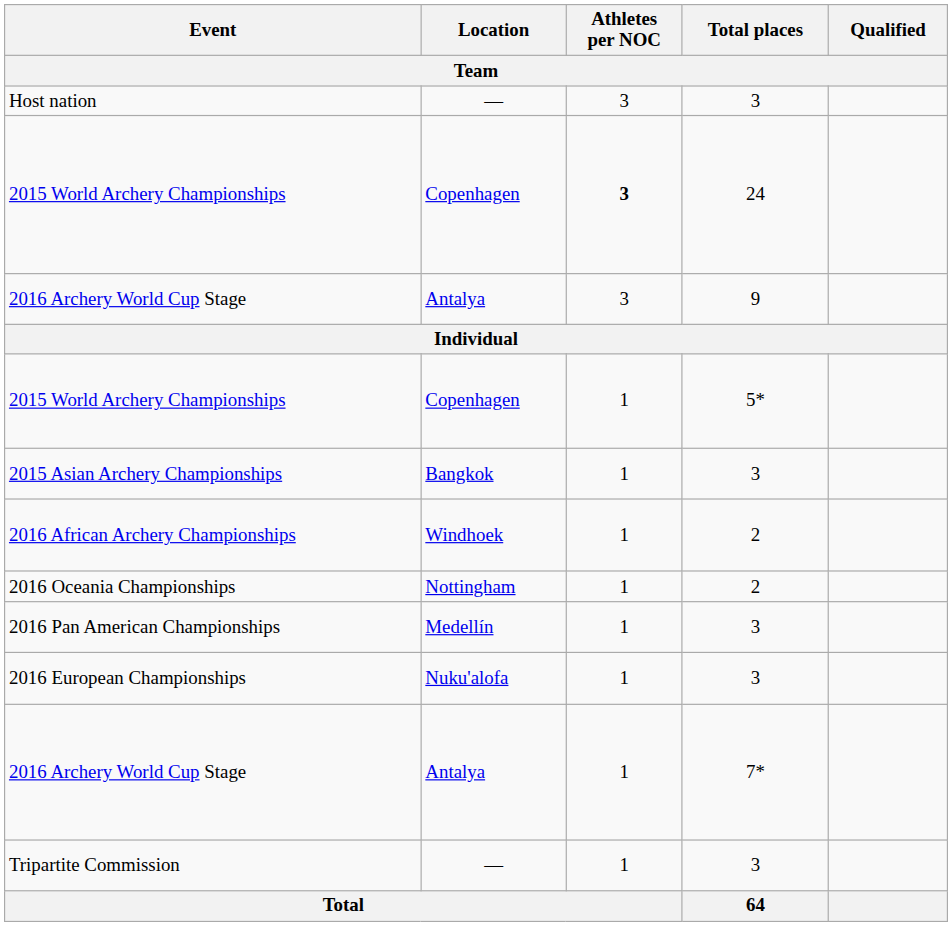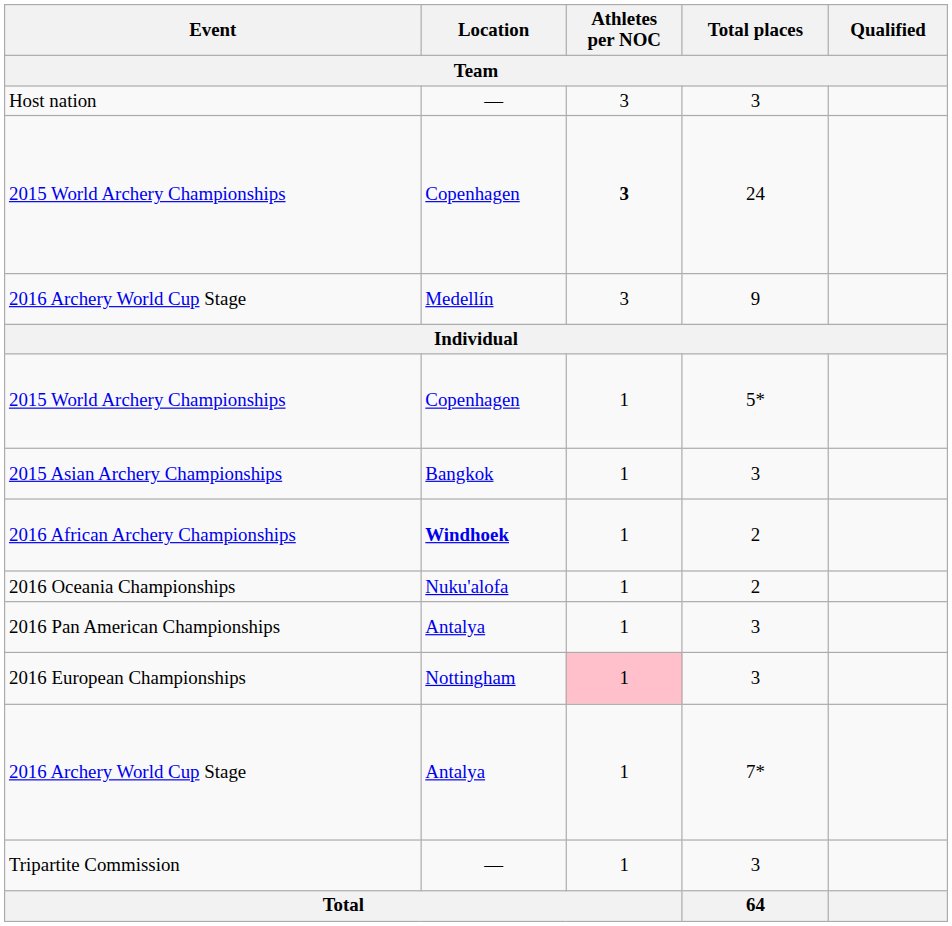 <table class="wikitable" width=800>
 <tr>
 <th>Event</th>
 <th>Location</th>
 <th>Athletes<br> per NOC</th>
 <th>Total places</th>
 <th>Qualified</th>
 </tr>
 <tr>
 <th colspan=5>Team</th>
 </tr>
 <tr>
 <td>Host nation</td>
 <td align=center>—</td>
 <td align="center">3</td>
 <td align="center">3</td>
 <td></td>
 </tr>
 <tr>
 <td><a href='#'>2015 World Archery Championships</a></td>
 <td> <a href='#'>Copenhagen</a></td>
 <td align="center"><strong>3</strong></td>
 <td align="center">24</td>
 <td><br><br><br><br><br><br><br></td>
 </tr>
 <tr>
 <td><a href='#'>2016 Archery World Cup</a> Stage</td>
-<td> <a href='#'>Antalya</a></td>
+<td> <a href='#'>Medellín</a></td>
 <td align="center">3</td>
 <td align="center">9</td>
 <td><br><br></td>
 </tr>
 <tr>
 <th colspan=5>Individual</th>
 </tr>
 <tr>
 <td><a href='#'>2015 World Archery Championships</a></td>
 <td> <a href='#'>Copenhagen</a></td>
 <td align="center">1</td>
 <td align="center">5*</td>
 <td><br><br><br><br></td>
 </tr>
 <tr>
 <td><a href='#'>2015 Asian Archery Championships</a></td>
 <td> <a href='#'>Bangkok</a></td>
 <td align="center">1</td>
 <td align="center">3</td>
 <td><br><br></td>
 </tr>
 <tr>
 <td><a href='#'>2016 African Archery Championships</a></td>
-<td> <a href='#'>Windhoek</a></td>
+<td><strong> <a href='#'>Windhoek</a></strong></td>
 <td align="center">1</td>
 <td align="center">2</td>
 <td><s></s><br><br><br></td>
 </tr>
 <tr>
 <td>2016 Oceania Championships</td>
-<td> <a href='#'>Nottingham</a></td>
+<td> <a href='#'>Nuku'alofa</a></td>
 <td align="center">1</td>
 <td align="center">2</td>
 <td><br></td>
 </tr>
 <tr>
 <td>2016 Pan American Championships</td>
-<td> <a href='#'>Medellín</a></td>
+<td> <a href='#'>Antalya</a></td>
 <td align="center">1</td>
 <td align="center">3</td>
 <td><br><br></td>
 </tr>
 <tr>
 <td>2016 European Championships</td>
-<td> <a href='#'>Nuku'alofa</a></td>
-<td align="center">1</td>
+<td> <a href='#'>Nottingham</a></td>
+<td align="center" style="background: pink;">1</td>
 <td align="center">3</td>
 <td><br><br></td>
 </tr>
 <tr>
 <td><a href='#'>2016 Archery World Cup</a> Stage</td>
 <td> <a href='#'>Antalya</a></td>
 <td align="center">1</td>
 <td align="center">7*</td>
 <td><br><br><br><br><br><br></td>
 </tr>
 <tr>
 <td>Tripartite Commission</td>
 <td align=center>—</td>
 <td align="center">1</td>
 <td align="center">3</td>
 <td><br><br></td>
 </tr>
 <tr>
 <th colspan=3>Total</th>
 <th>64</th>
 <th></th>
 </tr>
 </table>
